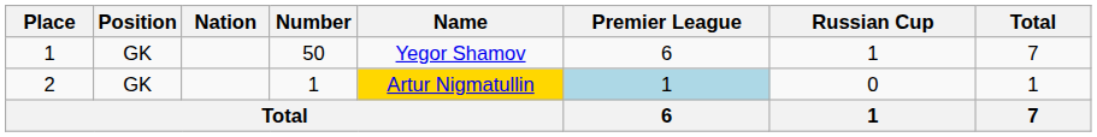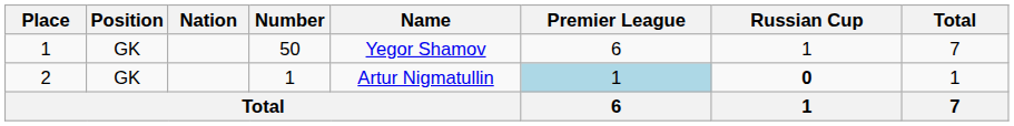 <table class="wikitable" style="font-size: 95%; text-align: center;">
 <tr>
 <th width=60>Place</th>
 <th width=60>Position</th>
 <th width=60>Nation</th>
 <th width=60>Number</th>
 <th width=150>Name</th>
 <th width=150>Premier League</th>
 <th width=150>Russian Cup</th>
 <th width=80>Total</th>
 </tr>
 <tr>
 <td>1</td>
 <td>GK</td>
 <td></td>
 <td>50</td>
 <td><a href='#'>Yegor Shamov</a></td>
 <td>6</td>
 <td>1</td>
 <td>7</td>
 </tr>
 <tr>
 <td>2</td>
 <td>GK</td>
 <td></td>
 <td>1</td>
-<td style="background: gold;"><a href='#'>Artur Nigmatullin</a></td>
+<td><a href='#'>Artur Nigmatullin</a></td>
 <td style="background: lightblue;">1</td>
-<td>0</td>
+<td><strong>0</strong></td>
 <td>1</td>
 </tr>
 <tr>
 <th colspan=5>Total</th>
 <th>6</th>
 <th>1</th>
 <th>7</th>
 </tr>
 </table>
